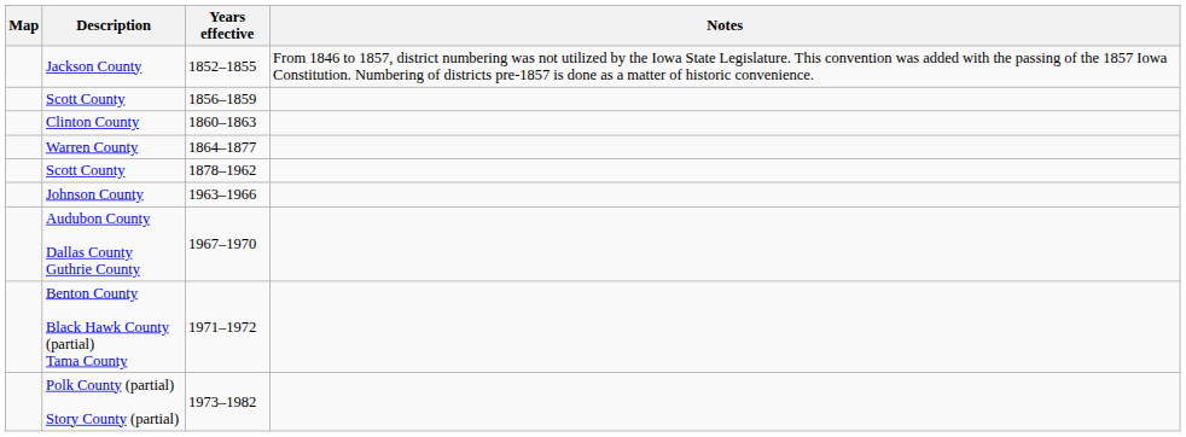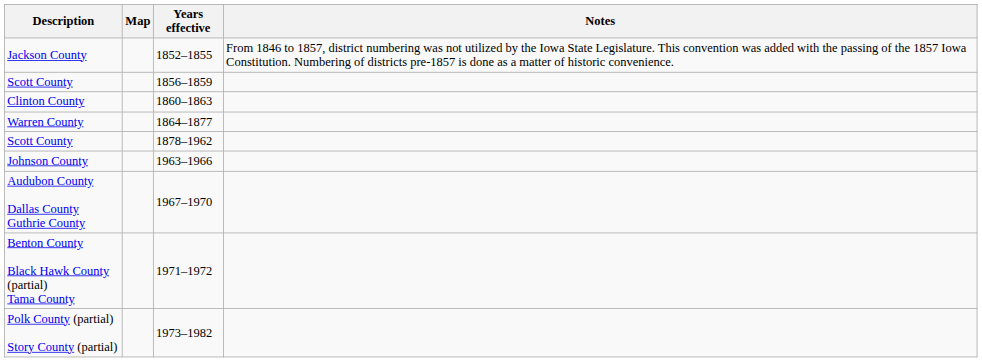 <table class="wikitable sortable">
 <tr>
+<th>Description</th>
 <th>Map</th>
-<th>Description</th>
 <th>Years effective</th>
 <th>Notes</th>
 </tr>
 <tr>
+<td><a href='#'>Jackson County</a></td>
 <td></td>
-<td><a href='#'>Jackson County</a></td>
 <td>1852–1855</td>
 <td>From 1846 to 1857, district numbering was not utilized by the Iowa State Legislature. This convention was added with the passing of the 1857 Iowa Constitution. Numbering of districts pre-1857 is done as a matter of historic convenience.</td>
 </tr>
 <tr>
+<td><a href='#'>Scott County</a></td>
 <td></td>
-<td><a href='#'>Scott County</a></td>
 <td>1856–1859</td>
 <td></td>
 </tr>
 <tr>
+<td><a href='#'>Clinton County</a></td>
 <td></td>
-<td><a href='#'>Clinton County</a></td>
 <td>1860–1863</td>
 <td></td>
 </tr>
 <tr>
+<td><a href='#'>Warren County</a></td>
 <td></td>
-<td><a href='#'>Warren County</a></td>
 <td>1864–1877</td>
 <td></td>
 </tr>
 <tr>
+<td><a href='#'>Scott County</a></td>
 <td></td>
-<td><a href='#'>Scott County</a></td>
 <td>1878–1962</td>
 <td></td>
 </tr>
 <tr>
+<td><a href='#'>Johnson County</a></td>
 <td></td>
-<td><a href='#'>Johnson County</a></td>
 <td>1963–1966</td>
 <td></td>
 </tr>
 <tr>
+<td><a href='#'>Audubon County</a><br><br><a href='#'>Dallas County</a><br> <a href='#'>Guthrie County</a></td>
 <td></td>
-<td><a href='#'>Audubon County</a><br><br><a href='#'>Dallas County</a><br> <a href='#'>Guthrie County</a></td>
 <td>1967–1970</td>
 <td></td>
 </tr>
 <tr>
+<td><a href='#'>Benton County</a><br><br><a href='#'>Black Hawk County</a> (partial)<br> <a href='#'>Tama County</a></td>
 <td></td>
-<td><a href='#'>Benton County</a><br><br><a href='#'>Black Hawk County</a> (partial)<br> <a href='#'>Tama County</a></td>
 <td>1971–1972</td>
 <td></td>
 </tr>
 <tr>
+<td><a href='#'>Polk County</a> (partial)<br><br><a href='#'>Story County</a> (partial)</td>
 <td></td>
-<td><a href='#'>Polk County</a> (partial)<br><br><a href='#'>Story County</a> (partial)</td>
 <td>1973–1982</td>
 <td></td>
 </tr>
 </table>
